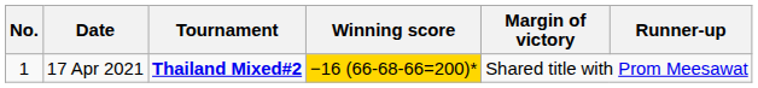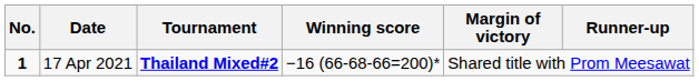 <table class="wikitable" style="font-size:95%;">
 <tr>
 <th>No.</th>
 <th>Date</th>
 <th>Tournament</th>
 <th>Winning score</th>
 <th>Margin of<br>victory</th>
 <th>Runner-up</th>
 </tr>
 <tr>
-<td align=center>1</td>
+<td align=center><strong>1</strong></td>
 <td align=right>17 Apr 2021</td>
 <td><strong><a href='#'>Thailand Mixed#2</a></strong></td>
-<td style="background: gold;">−16 (66-68-66=200)*</td>
+<td>−16 (66-68-66=200)*</td>
 <td colspan=2>Shared title with  <a href='#'>Prom Meesawat</a></td>
 </tr>
 </table>
